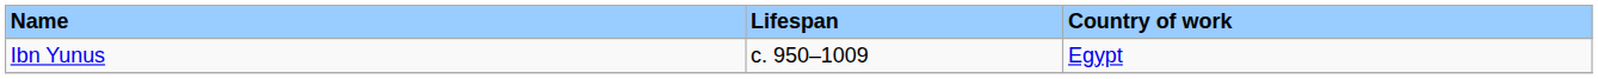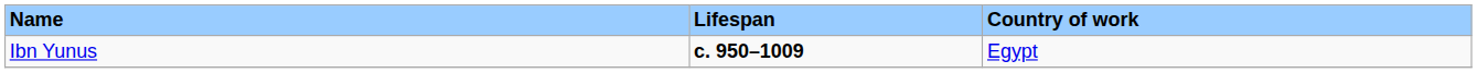 <table class="wikitable" style="width:75%; background:light blue; color:black">
 <tr>
 <td width="35%" bgcolor="#99ccff"><strong>Name</strong></td>
 <td width="15%" bgcolor="#99ccff"><strong> Lifespan</strong></td>
 <td width="25%" bgcolor="#99ccff"><strong> Country of work </strong></td>
 </tr>
 <tr>
 <td><a href='#'>Ibn Yunus</a></td>
-<td>c. 950–1009</td>
+<td><strong>c. 950–1009</strong></td>
 <td><a href='#'>Egypt</a></td>
 </tr>
 <tr>
 </tr>
 </table>
